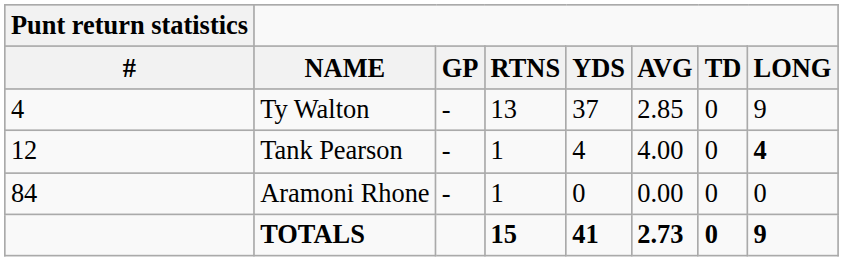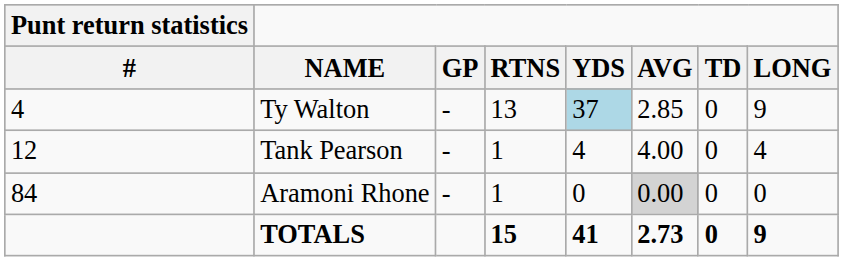 <table class="wikitable collapsible">
 <tr>
 <th style="text-align:center; ">Punt return statistics</th>
 </tr>
 <tr>
 <th>#</th>
 <th>NAME</th>
 <th>GP</th>
 <th>RTNS</th>
 <th>YDS</th>
 <th>AVG</th>
 <th>TD</th>
 <th>LONG</th>
 </tr>
 <tr>
 <td>4</td>
 <td>Ty Walton</td>
 <td>-</td>
 <td>13</td>
-<td>37</td>
+<td style="background: lightblue;">37</td>
 <td>2.85</td>
 <td>0</td>
 <td>9</td>
 </tr>
 <tr>
 <td>12</td>
 <td>Tank Pearson</td>
 <td>-</td>
 <td>1</td>
 <td>4</td>
 <td>4.00</td>
 <td>0</td>
-<td><strong>4</strong></td>
+<td>4</td>
 </tr>
 <tr>
 <td>84</td>
 <td>Aramoni Rhone</td>
 <td>-</td>
 <td>1</td>
 <td>0</td>
-<td>0.00</td>
+<td style="background: lightgrey;">0.00</td>
 <td>0</td>
 <td>0</td>
 </tr>
 <tr>
 <td></td>
 <td><strong>TOTALS</strong></td>
 <td></td>
 <td><strong>15</strong></td>
 <td><strong>41</strong></td>
 <td><strong>2.73</strong></td>
 <td><strong>0</strong></td>
 <td><strong>9</strong></td>
 </tr>
 </table>
